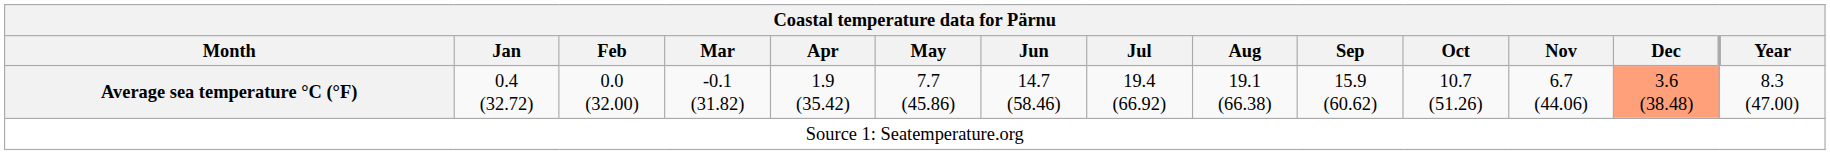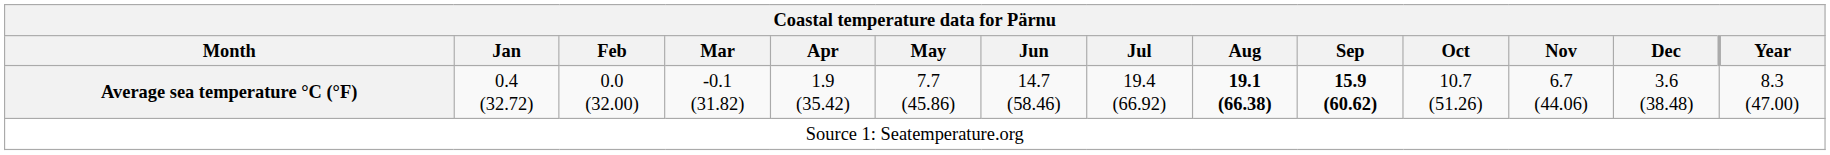 <table style="width:100%;text-align:center;line-height:1.2em;margin-left:auto;margin-right:auto" class="wikitable">
 <tr>
 <th Colspan=14>Coastal temperature data for Pärnu</th>
 </tr>
 <tr>
 <th>Month</th>
 <th>Jan</th>
 <th>Feb</th>
 <th>Mar</th>
 <th>Apr</th>
 <th>May</th>
 <th>Jun</th>
 <th>Jul</th>
 <th>Aug</th>
 <th>Sep</th>
 <th>Oct</th>
 <th>Nov</th>
 <th>Dec</th>
 <th style="border-left-width:medium">Year</th>
 </tr>
 <tr>
 <th>Average sea temperature °C (°F)</th>
 <td>0.4<br>(32.72)</td>
 <td>0.0<br>(32.00)</td>
 <td>-0.1<br>(31.82)</td>
 <td>1.9<br>(35.42)</td>
 <td>7.7<br>(45.86)</td>
 <td>14.7<br>(58.46)</td>
 <td>19.4<br>(66.92)</td>
-<td>19.1<br>(66.38)</td>
-<td>15.9<br>(60.62)</td>
+<td><strong>19.1<br>(66.38)</strong></td>
+<td><strong>15.9<br>(60.62)</strong></td>
 <td>10.7<br>(51.26)</td>
 <td>6.7<br>(44.06)</td>
-<td style="background: lightsalmon;">3.6<br>(38.48)</td>
+<td>3.6<br>(38.48)</td>
 <td>8.3<br>(47.00)</td>
 </tr>
 <tr>
 <th Colspan=14 style="background:#ffffff;font-weight:normal;font-size:100%;">Source 1: Seatemperature.org</th>
 </tr>
 </table>
